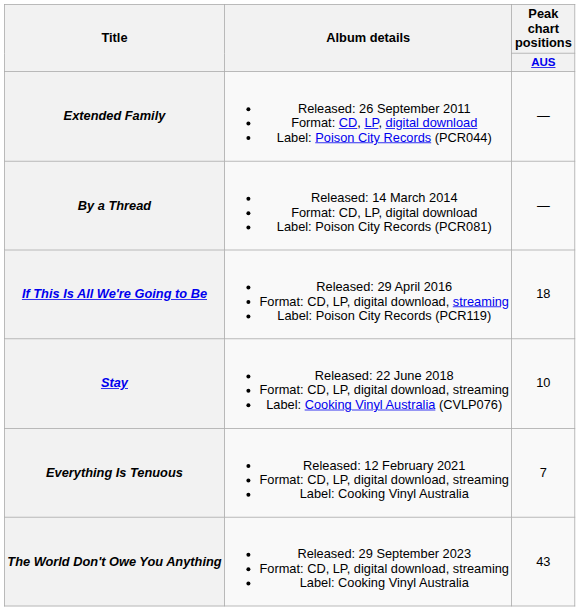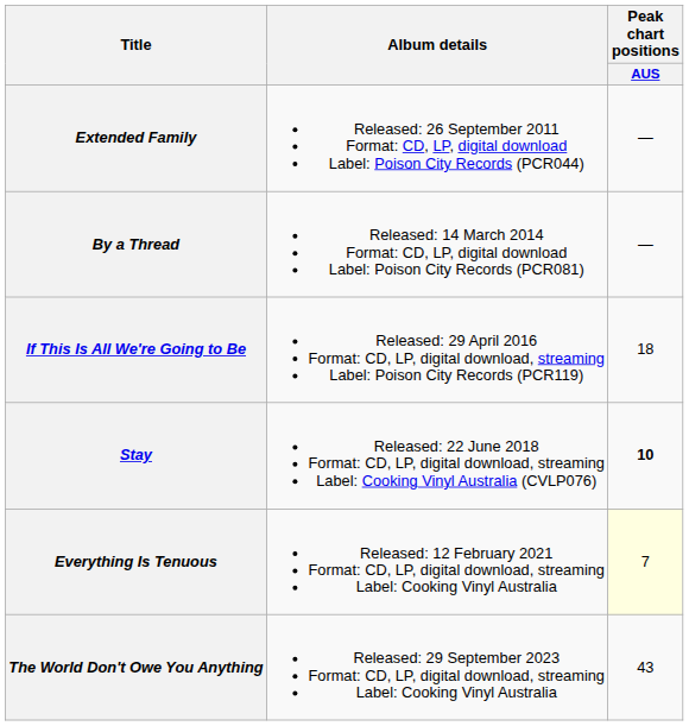 <table class="wikitable plainrowheaders" style="text-align:center;">
 <tr>
 <th scope="col" rowspan="2">Title</th>
 <th scope="col" rowspan="2">Album details</th>
 <th scope="col" colspan="1">Peak chart positions</th>
 </tr>
 <tr>
 <th scope="col" style="width:3em;font-size:90%;"><a href='#'>AUS</a><br></th>
 </tr>
 <tr>
 <th scope="row"><em>Extended Family</em></th>
 <td><br><ul><li>Released: 26 September 2011</li><li>Format: <a href='#'>CD</a>, <a href='#'>LP</a>, <a href='#'>digital download</a></li><li>Label: <a href='#'>Poison City Records</a> (PCR044)</li></ul></td>
 <td>—</td>
 </tr>
 <tr>
 <th scope="row"><em>By a Thread</em></th>
 <td><br><ul><li>Released: 14 March 2014</li><li>Format: CD, LP, digital download</li><li>Label: Poison City Records (PCR081)</li></ul></td>
 <td>—</td>
 </tr>
 <tr>
 <th scope="row"><em><a href='#'>If This Is All We're Going to Be</a></em></th>
 <td><br><ul><li>Released: 29 April 2016</li><li>Format: CD, LP, digital download, <a href='#'>streaming</a></li><li>Label: Poison City Records (PCR119)</li></ul></td>
 <td>18</td>
 </tr>
 <tr>
 <th scope="row"><em><a href='#'>Stay</a></em></th>
 <td><br><ul><li>Released: 22 June 2018</li><li>Format: CD, LP, digital download, streaming</li><li>Label: <a href='#'>Cooking Vinyl Australia</a> (CVLP076)</li></ul></td>
-<td>10</td>
+<td><strong>10</strong></td>
 </tr>
 <tr>
 <th scope="row"><em>Everything Is Tenuous</em></th>
 <td><br><ul><li>Released: 12 February 2021</li><li>Format: CD, LP, digital download, streaming</li><li>Label: Cooking Vinyl Australia</li></ul></td>
-<td>7</td>
+<td style="background: lightyellow;">7</td>
 </tr>
 <tr>
 <th scope="row"><em>The World Don't Owe You Anything</em></th>
 <td><br><ul><li>Released: 29 September 2023</li><li>Format: CD, LP, digital download, streaming</li><li>Label: Cooking Vinyl Australia</li></ul></td>
 <td>43<br></td>
 </tr>
 </table>
